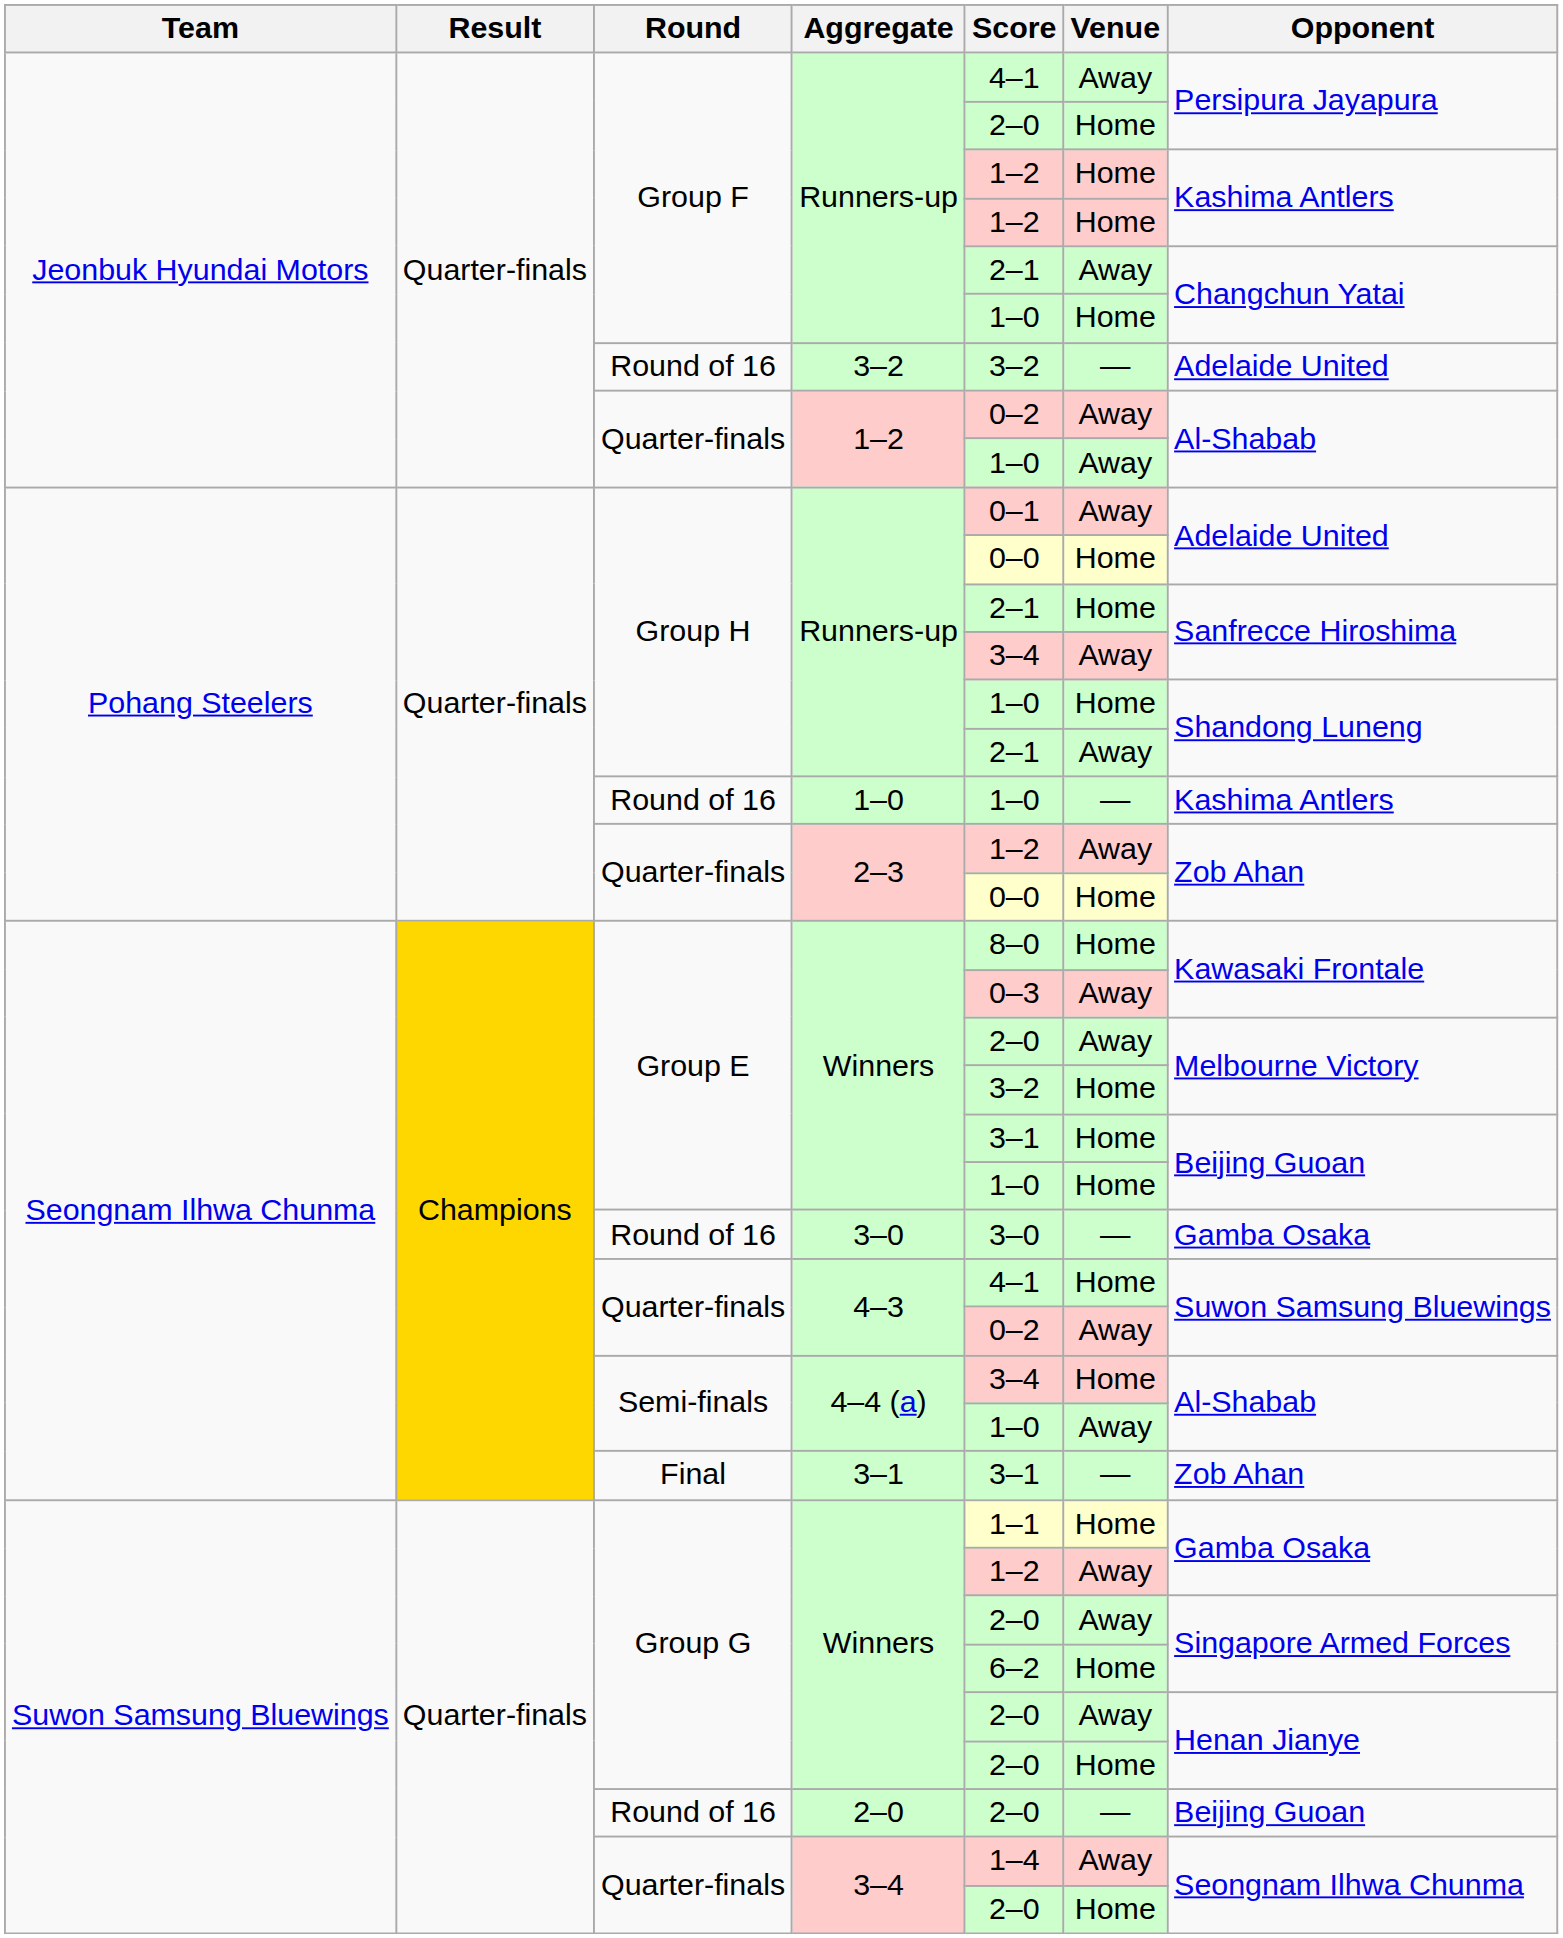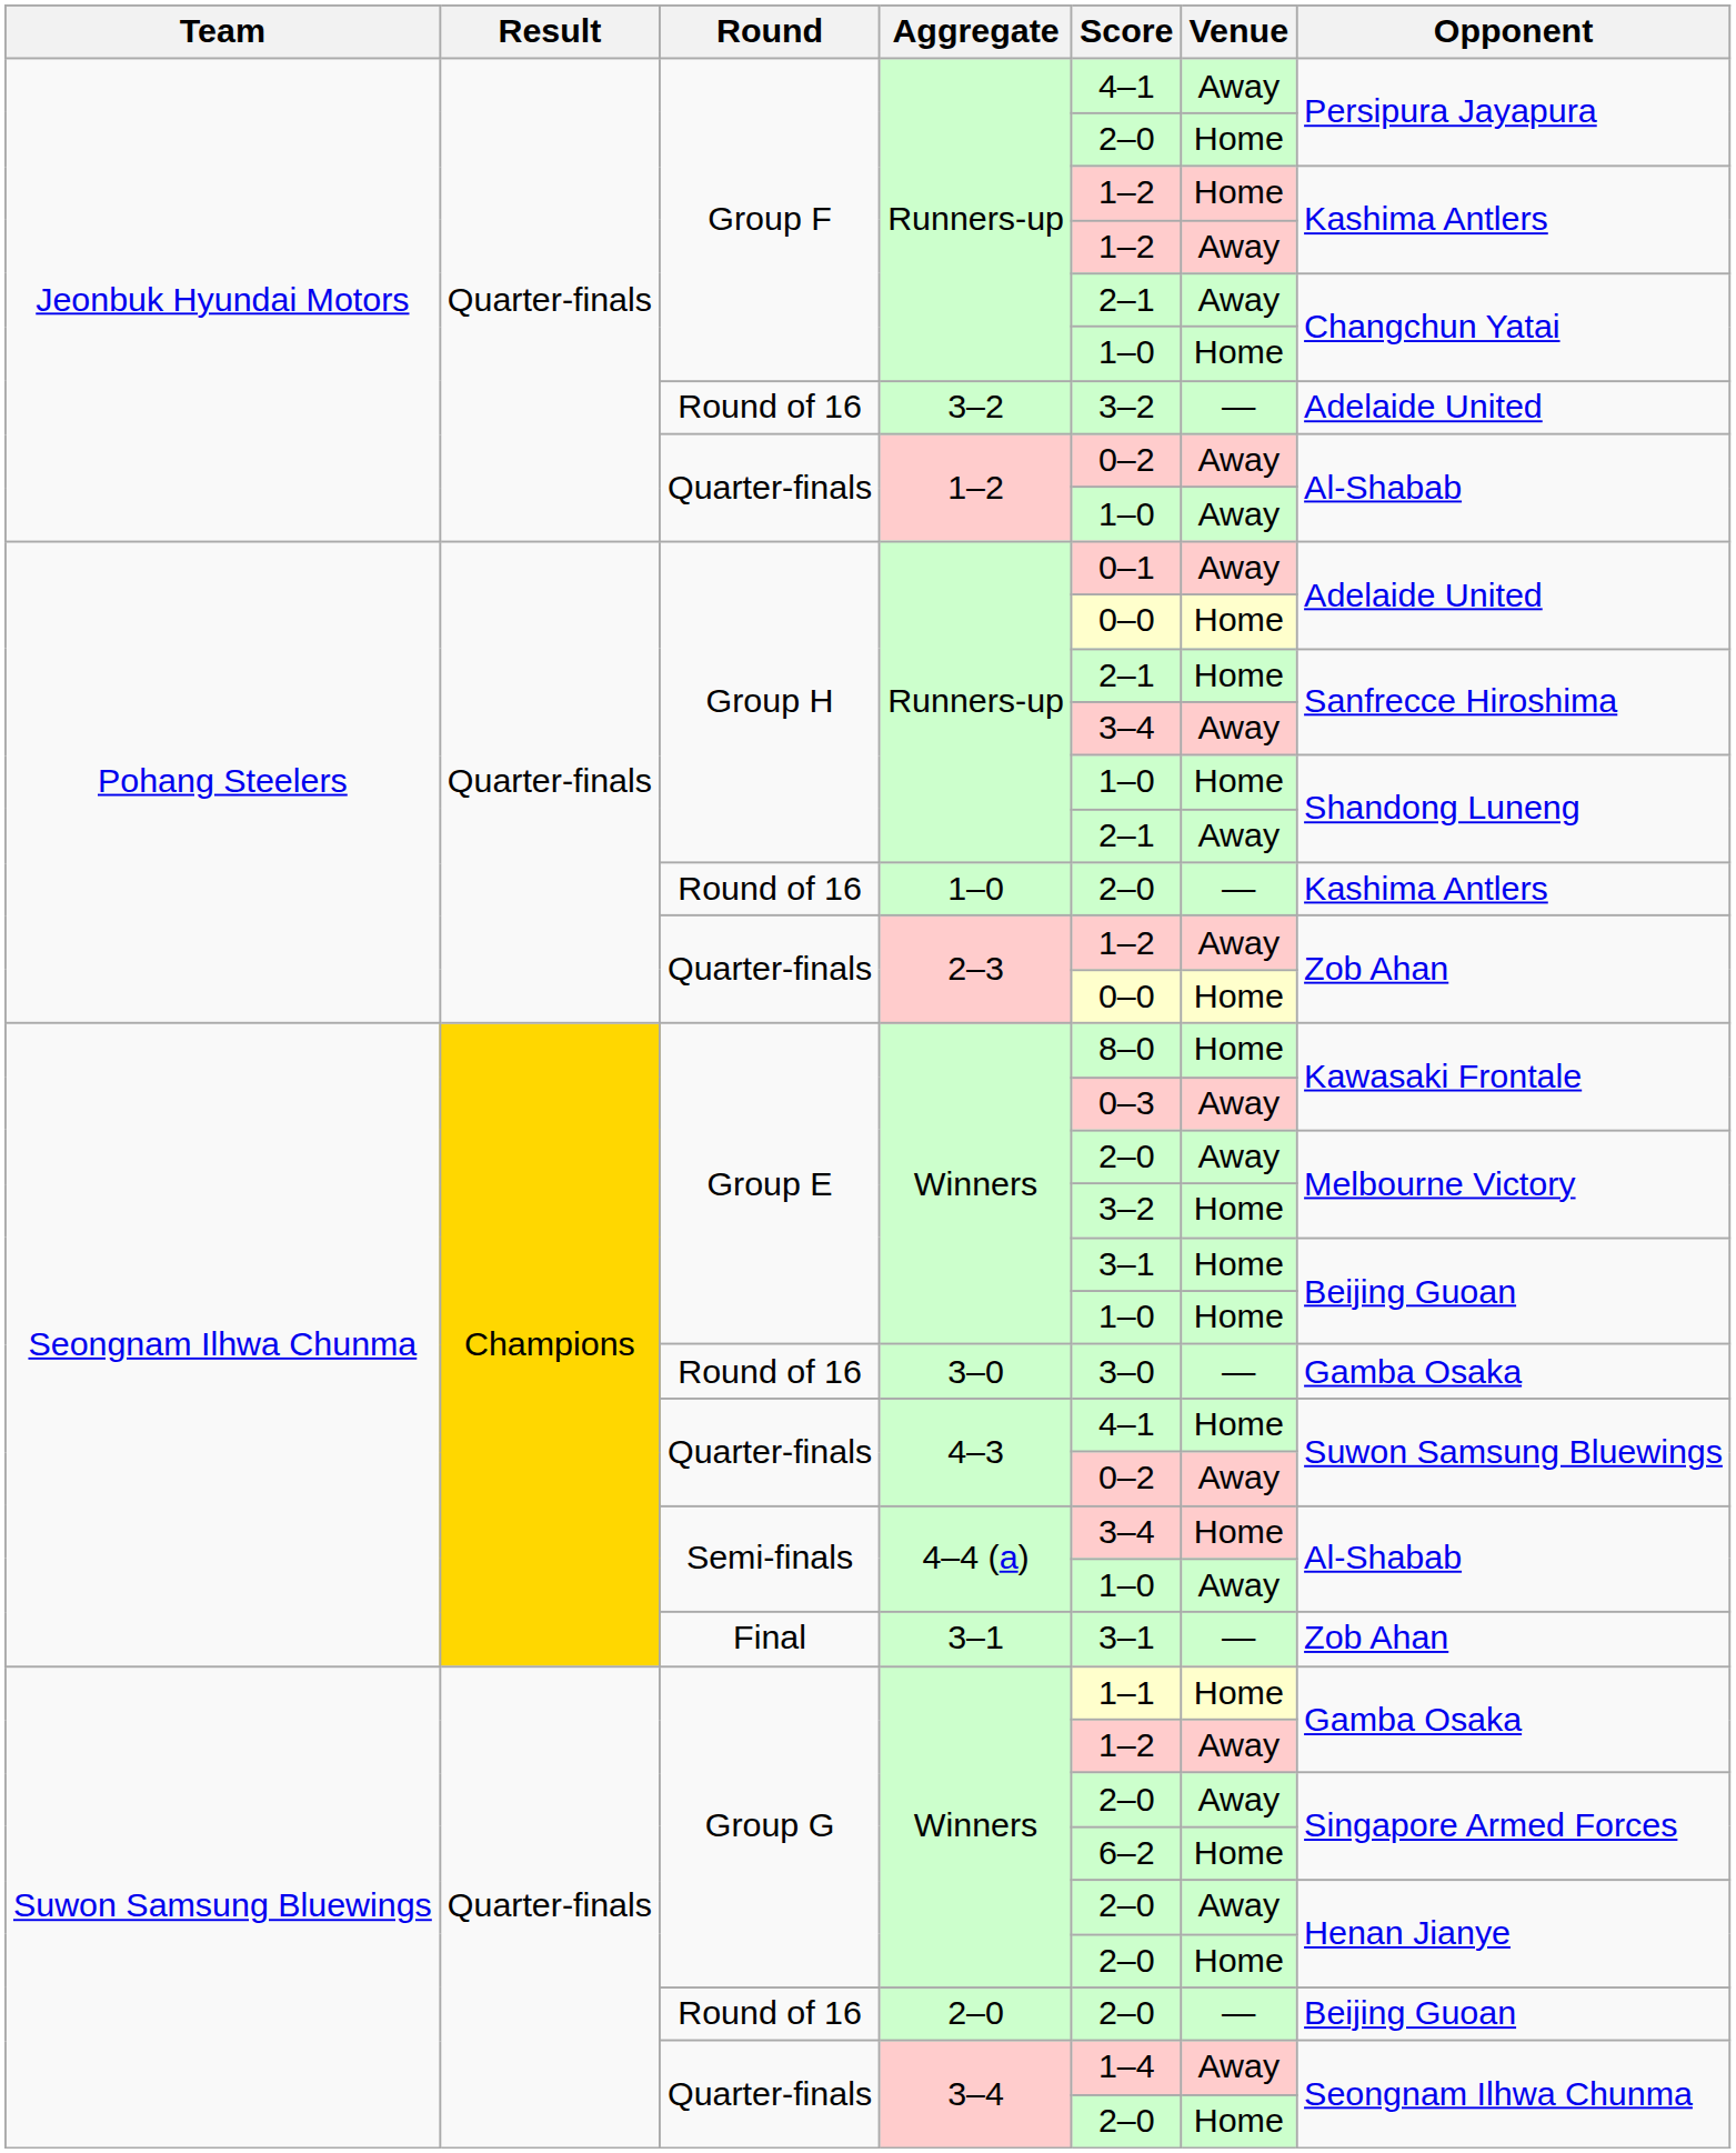 <table class="wikitable" style="text-align:center;">
 <tr>
 <th>Team</th>
 <th>Result</th>
 <th>Round</th>
 <th>Aggregate</th>
 <th>Score</th>
 <th>Venue</th>
 <th>Opponent</th>
 </tr>
 <tr>
 <td rowspan="9"><a href='#'>Jeonbuk Hyundai Motors</a></td>
 <td rowspan="9">Quarter-finals</td>
 <td rowspan="6">Group F</td>
 <td rowspan="6" bgcolor="#cfc">Runners-up</td>
 <td bgcolor="#cfc">4–1</td>
 <td bgcolor="#cfc">Away</td>
 <td rowspan="2" align="left"> <a href='#'>Persipura Jayapura</a></td>
 </tr>
 <tr>
 <td bgcolor="#cfc">2–0</td>
 <td bgcolor="#cfc">Home</td>
 </tr>
 <tr>
 <td bgcolor="#fcc">1–2</td>
 <td bgcolor="#fcc">Home</td>
 <td rowspan="2" align="left"> <a href='#'>Kashima Antlers</a></td>
 </tr>
 <tr>
 <td bgcolor="#fcc">1–2</td>
-<td bgcolor="#fcc">Home</td>
+<td bgcolor="#fcc">Away</td>
 </tr>
 <tr>
 <td bgcolor="#cfc">2–1</td>
 <td bgcolor="#cfc">Away</td>
 <td rowspan="2" align="left"> <a href='#'>Changchun Yatai</a></td>
 </tr>
 <tr>
 <td bgcolor="#cfc">1–0</td>
 <td bgcolor="#cfc">Home</td>
 </tr>
 <tr>
 <td>Round of 16</td>
 <td bgcolor="#cfc">3–2</td>
 <td bgcolor="#cfc">3–2 </td>
 <td bgcolor="#cfc">—</td>
 <td align="left"> <a href='#'>Adelaide United</a></td>
 </tr>
 <tr>
 <td rowspan="2">Quarter-finals</td>
 <td rowspan="2" bgcolor="#fcc">1–2</td>
 <td bgcolor="#fcc">0–2</td>
 <td bgcolor="#fcc">Away</td>
 <td rowspan="2" align="left"> <a href='#'>Al-Shabab</a></td>
 </tr>
 <tr>
 <td bgcolor="#cfc">1–0</td>
 <td bgcolor="#cfc">Away</td>
 </tr>
 <tr>
 <td rowspan="9"><a href='#'>Pohang Steelers</a></td>
 <td rowspan="9">Quarter-finals</td>
 <td rowspan="6">Group H</td>
 <td rowspan="6" bgcolor="#cfc">Runners-up</td>
 <td bgcolor="#fcc">0–1</td>
 <td bgcolor="#fcc">Away</td>
 <td rowspan="2" align="left"> <a href='#'>Adelaide United</a></td>
 </tr>
 <tr>
 <td bgcolor="#ffc">0–0</td>
 <td bgcolor="#ffc">Home</td>
 </tr>
 <tr>
 <td bgcolor="#cfc">2–1</td>
 <td bgcolor="#cfc">Home</td>
 <td rowspan="2" align="left"> <a href='#'>Sanfrecce Hiroshima</a></td>
 </tr>
 <tr>
 <td bgcolor="#fcc">3–4</td>
 <td bgcolor="#fcc">Away</td>
 </tr>
 <tr>
 <td bgcolor="#cfc">1–0</td>
 <td bgcolor="#cfc">Home</td>
 <td rowspan="2" align="left"> <a href='#'>Shandong Luneng</a></td>
 </tr>
 <tr>
 <td bgcolor="#cfc">2–1</td>
 <td bgcolor="#cfc">Away</td>
 </tr>
 <tr>
 <td>Round of 16</td>
 <td bgcolor="#cfc">1–0</td>
-<td bgcolor="#cfc">1–0</td>
+<td bgcolor="#cfc">2–0</td>
 <td bgcolor="#cfc">—</td>
 <td align="left"> <a href='#'>Kashima Antlers</a></td>
 </tr>
 <tr>
 <td rowspan="2">Quarter-finals</td>
 <td rowspan="2" bgcolor="#fcc">2–3</td>
 <td bgcolor="#fcc">1–2</td>
 <td bgcolor="#fcc">Away</td>
 <td rowspan="2" align="left"> <a href='#'>Zob Ahan</a></td>
 </tr>
 <tr>
 <td bgcolor="#ffc">0–0</td>
 <td bgcolor="#ffc">Home</td>
 </tr>
 <tr>
 <td rowspan="12"><a href='#'>Seongnam Ilhwa Chunma</a></td>
 <td rowspan="12" bgcolor="gold">Champions</td>
 <td rowspan="6">Group E</td>
 <td rowspan="6" bgcolor="#cfc">Winners</td>
 <td bgcolor="#cfc">8–0</td>
 <td bgcolor="#cfc">Home</td>
 <td rowspan="2" align="left"> <a href='#'>Kawasaki Frontale</a></td>
 </tr>
 <tr>
 <td bgcolor="#fcc">0–3</td>
 <td bgcolor="#fcc">Away</td>
 </tr>
 <tr>
 <td bgcolor="#cfc">2–0</td>
 <td bgcolor="#cfc">Away</td>
 <td rowspan="2" align="left"> <a href='#'>Melbourne Victory</a></td>
 </tr>
 <tr>
 <td bgcolor="#cfc">3–2</td>
 <td bgcolor="#cfc">Home</td>
 </tr>
 <tr>
 <td bgcolor="#cfc">3–1</td>
 <td bgcolor="#cfc">Home</td>
 <td rowspan="2" align="left"> <a href='#'>Beijing Guoan</a></td>
 </tr>
 <tr>
 <td bgcolor="#cfc">1–0</td>
 <td bgcolor="#cfc">Home</td>
 </tr>
 <tr>
 <td>Round of 16</td>
 <td bgcolor="#cfc">3–0</td>
 <td bgcolor="#cfc">3–0</td>
 <td bgcolor="#cfc">—</td>
 <td align="left"> <a href='#'>Gamba Osaka</a></td>
 </tr>
 <tr>
 <td rowspan="2">Quarter-finals</td>
 <td rowspan="2" bgcolor="#cfc">4–3</td>
 <td bgcolor="#cfc">4–1</td>
 <td bgcolor="#cfc">Home</td>
 <td rowspan="2" align="left"> <a href='#'>Suwon Samsung Bluewings</a></td>
 </tr>
 <tr>
 <td bgcolor="#fcc">0–2</td>
 <td bgcolor="#fcc">Away</td>
 </tr>
 <tr>
 <td rowspan="2">Semi-finals</td>
 <td rowspan="2" bgcolor="#cfc">4–4 (<a href='#'>a</a>)</td>
 <td bgcolor="#fcc">3–4</td>
 <td bgcolor="#fcc">Home</td>
 <td rowspan="2" align="left"> <a href='#'>Al-Shabab</a></td>
 </tr>
 <tr>
 <td bgcolor="#cfc">1–0</td>
 <td bgcolor="#cfc">Away</td>
 </tr>
 <tr>
 <td>Final</td>
 <td bgcolor="#cfc">3–1</td>
 <td bgcolor="#cfc">3–1</td>
 <td bgcolor="#cfc">—</td>
 <td align="left"> <a href='#'>Zob Ahan</a></td>
 </tr>
 <tr>
 <td rowspan="9"><a href='#'>Suwon Samsung Bluewings</a></td>
 <td rowspan="9">Quarter-finals</td>
 <td rowspan="6">Group G</td>
 <td rowspan="6" bgcolor="#cfc">Winners</td>
 <td bgcolor="#ffc">1–1</td>
 <td bgcolor="#ffc">Home</td>
 <td rowspan="2" align="left"> <a href='#'>Gamba Osaka</a></td>
 </tr>
 <tr>
 <td bgcolor="#fcc">1–2</td>
 <td bgcolor="#fcc">Away</td>
 </tr>
 <tr>
 <td bgcolor="#cfc">2–0</td>
 <td bgcolor="#cfc">Away</td>
 <td rowspan="2" align="left"> <a href='#'>Singapore Armed Forces</a></td>
 </tr>
 <tr>
 <td bgcolor="#cfc">6–2</td>
 <td bgcolor="#cfc">Home</td>
 </tr>
 <tr>
 <td bgcolor="#cfc">2–0</td>
 <td bgcolor="#cfc">Away</td>
 <td rowspan="2" align="left"> <a href='#'>Henan Jianye</a></td>
 </tr>
 <tr>
 <td bgcolor="#cfc">2–0</td>
 <td bgcolor="#cfc">Home</td>
 </tr>
 <tr>
 <td>Round of 16</td>
 <td bgcolor="#cfc">2–0</td>
 <td bgcolor="#cfc">2–0</td>
 <td bgcolor="#cfc">—</td>
 <td align="left"> <a href='#'>Beijing Guoan</a></td>
 </tr>
 <tr>
 <td rowspan="2">Quarter-finals</td>
 <td rowspan="2" bgcolor="#fcc">3–4</td>
 <td bgcolor="#fcc">1–4</td>
 <td bgcolor="#fcc">Away</td>
 <td rowspan="2" align="left"> <a href='#'>Seongnam Ilhwa Chunma</a></td>
 </tr>
 <tr>
 <td bgcolor="#cfc">2–0</td>
 <td bgcolor="#cfc">Home</td>
 </tr>
 </table>
